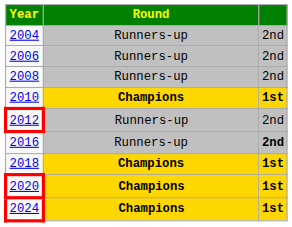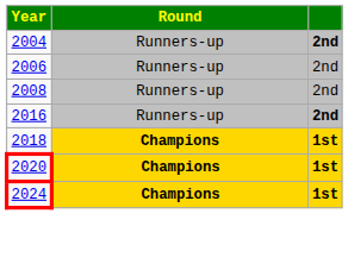 <table class="wikitable" style="text-align: center; font-size:90%">
 <tr style="color:yellow;">
 <th style="background:green;">Year</th>
 <th style="background:green; width:200px">Round</th>
 <th style="background:green;"></th>
 </tr>
 <tr>
 <td><a href='#'>2004</a></td>
 <td bgcolor=Silver>Runners-up</td>
-<td bgcolor=Silver>2nd</td>
+<td bgcolor=Silver><strong>2nd</strong></td>
 </tr>
 <tr>
 <td><a href='#'>2006</a></td>
 <td bgcolor=Silver>Runners-up</td>
 <td bgcolor=Silver>2nd</td>
 </tr>
 <tr>
 <td><a href='#'>2008</a></td>
-<td bgcolor=Silver>Runners-up</td>
-<td bgcolor=Silver>2nd</td>
-</tr>
-<tr>
-<td><a href='#'>2010</a></td>
-<td bgcolor=Gold><strong>Champions</strong></td>
-<td bgcolor=Gold><strong>1st</strong></td>
-</tr>
-<tr>
-<td style="border: 3px solid red"><a href='#'>2012</a></td>
 <td bgcolor=Silver>Runners-up</td>
 <td bgcolor=Silver>2nd</td>
 </tr>
 <tr>
 <td><a href='#'>2016</a></td>
 <td bgcolor=Silver>Runners-up</td>
 <td bgcolor=Silver><strong>2nd</strong></td>
 </tr>
 <tr>
 <td><a href='#'>2018</a></td>
 <td bgcolor=Gold><strong>Champions</strong></td>
 <td bgcolor=Gold><strong>1st</strong></td>
 </tr>
 <tr>
 <td style="border: 3px solid red"><a href='#'>2020</a></td>
 <td bgcolor=Gold><strong>Champions</strong></td>
 <td bgcolor=Gold><strong>1st</strong></td>
 </tr>
 <tr>
 <td style="border: 3px solid red"><a href='#'>2024</a></td>
 <td bgcolor=Gold><strong>Champions</strong></td>
 <td bgcolor=Gold><strong>1st</strong></td>
 </tr>
 </table>
